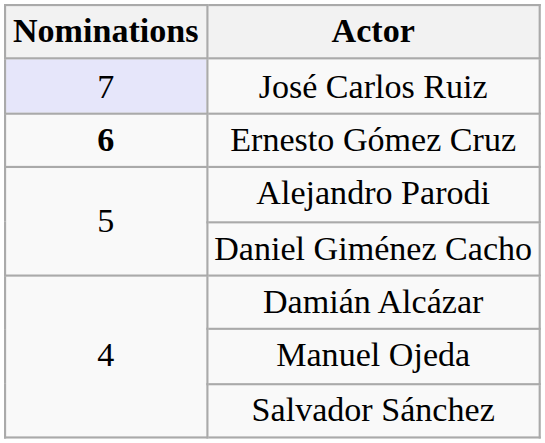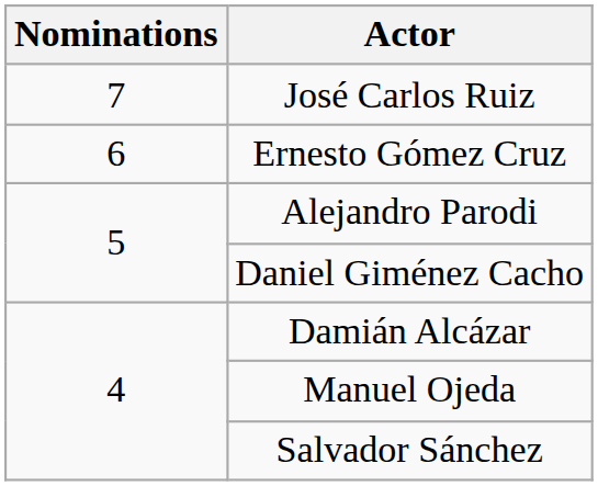 <table class="wikitable" rowspan=2 style="text-align: center;">
 <tr>
 <th scope="col" width="55">Nominations</th>
 <th scope="col" align="center">Actor</th>
 </tr>
 <tr>
-<td rowspan="1" style="background: lavender; text-align:center;">7</td>
+<td rowspan="1" style="text-align:center;">7</td>
 <td>José Carlos Ruiz</td>
 </tr>
 <tr>
-<td rowspan="1" style="text-align:center;"><strong>6</strong></td>
+<td rowspan="1" style="text-align:center;">6</td>
 <td>Ernesto Gómez Cruz</td>
 </tr>
 <tr>
 <td rowspan="2" style="text-align:center;">5</td>
 <td>Alejandro Parodi</td>
 </tr>
 <tr>
 <td>Daniel Giménez Cacho</td>
 </tr>
 <tr>
 <td rowspan="3" style="text-align:center;">4</td>
 <td>Damián Alcázar</td>
 </tr>
 <tr>
 <td>Manuel Ojeda</td>
 </tr>
 <tr>
 <td>Salvador Sánchez</td>
 </tr>
 </table>
